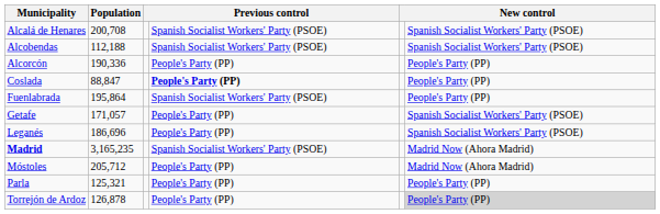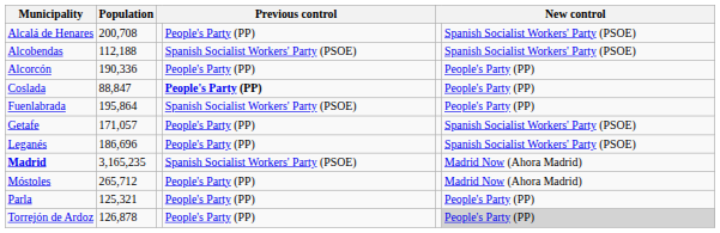 <table class="wikitable sortable">
 <tr>
 <th>Municipality</th>
 <th>Population</th>
 <th colspan="2" style="width:375px;">Previous control</th>
 <th colspan="2" style="width:375px;">New control</th>
 </tr>
 <tr>
 <td><a href='#'>Alcalá de Henares</a></td>
 <td>200,708</td>
 <td width="1" style="color:inherit;background:"></td>
-<td><a href='#'>Spanish Socialist Workers' Party</a> (PSOE)</td>
+<td><a href='#'>People's Party</a> (PP)</td>
 <td width="1" style="color:inherit;background:"></td>
 <td><a href='#'>Spanish Socialist Workers' Party</a> (PSOE)</td>
 </tr>
 <tr>
 <td><a href='#'>Alcobendas</a></td>
 <td>112,188</td>
 <td style="color:inherit;background:"></td>
 <td><a href='#'>Spanish Socialist Workers' Party</a> (PSOE)</td>
 <td style="color:inherit;background:"></td>
 <td><a href='#'>Spanish Socialist Workers' Party</a> (PSOE)</td>
 </tr>
 <tr>
 <td><a href='#'>Alcorcón</a></td>
 <td>190,336</td>
 <td style="color:inherit;background:"></td>
 <td><a href='#'>People's Party</a> (PP)</td>
 <td style="color:inherit;background:"></td>
 <td><a href='#'>People's Party</a> (PP)</td>
 </tr>
 <tr>
 <td><a href='#'>Coslada</a></td>
 <td>88,847</td>
 <td style="color:inherit;background:"></td>
 <td><strong><a href='#'>People's Party</a> (PP)</strong></td>
 <td style="color:inherit;background:"></td>
 <td><a href='#'>People's Party</a> (PP)</td>
 </tr>
 <tr>
 <td><a href='#'>Fuenlabrada</a></td>
 <td>195,864</td>
 <td style="color:inherit;background:"></td>
 <td><a href='#'>Spanish Socialist Workers' Party</a> (PSOE)</td>
 <td style="color:inherit;background:"></td>
 <td><a href='#'>People's Party</a> (PP)</td>
 </tr>
 <tr>
 <td><a href='#'>Getafe</a></td>
 <td>171,057</td>
 <td style="color:inherit;background:"></td>
 <td><a href='#'>People's Party</a> (PP)</td>
 <td style="color:inherit;background:"></td>
 <td><a href='#'>Spanish Socialist Workers' Party</a> (PSOE)</td>
 </tr>
 <tr>
 <td><a href='#'>Leganés</a></td>
 <td>186,696</td>
 <td style="color:inherit;background:"></td>
 <td><a href='#'>People's Party</a> (PP)</td>
 <td style="color:inherit;background:"></td>
 <td><a href='#'>Spanish Socialist Workers' Party</a> (PSOE)</td>
 </tr>
 <tr>
 <td><strong><a href='#'>Madrid</a></strong></td>
 <td>3,165,235</td>
 <td style="color:inherit;background:"></td>
 <td><a href='#'>Spanish Socialist Workers' Party</a> (PSOE)</td>
 <td style="color:inherit;background:"></td>
 <td><a href='#'>Madrid Now</a> (Ahora Madrid)</td>
 </tr>
 <tr>
 <td><a href='#'>Móstoles</a></td>
-<td>205,712</td>
+<td>265,712</td>
 <td style="color:inherit;background:"></td>
 <td><a href='#'>People's Party</a> (PP)</td>
 <td style="color:inherit;background:"></td>
 <td><a href='#'>Madrid Now</a> (Ahora Madrid)</td>
 </tr>
 <tr>
 <td><a href='#'>Parla</a></td>
 <td>125,321</td>
 <td style="color:inherit;background:"></td>
 <td><a href='#'>People's Party</a> (PP)</td>
 <td style="color:inherit;background:"></td>
 <td><a href='#'>People's Party</a> (PP)</td>
 </tr>
 <tr>
 <td><a href='#'>Torrejón de Ardoz</a></td>
 <td>126,878</td>
 <td style="color:inherit;background:"></td>
 <td><a href='#'>People's Party</a> (PP)</td>
 <td style="color:inherit;background:"></td>
 <td style="background: lightgrey;"><a href='#'>People's Party</a> (PP)</td>
 </tr>
 </table>
